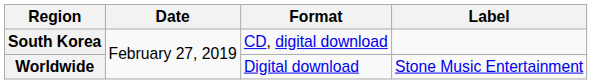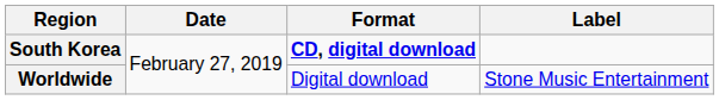 <table class = "wikitable plainrowheaders">
 <tr>
 <th>Region</th>
 <th>Date</th>
 <th>Format</th>
 <th>Label</th>
 </tr>
 <tr>
 <th scope="row">South Korea</th>
 <td rowspan=2>February 27, 2019</td>
-<td><a href='#'>CD</a>, <a href='#'>digital download</a></td>
+<td><strong><a href='#'>CD</a>, <a href='#'>digital download</a></strong></td>
 <td></td>
 </tr>
 <tr>
 <th scope="row">Worldwide</th>
 <td rowspan=2><a href='#'>Digital download</a></td>
 <td rowspan=2><a href='#'>Stone Music Entertainment</a></td>
 </tr>
 </table>
